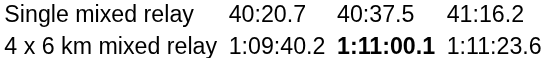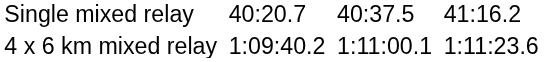 <table>
 <tr>
 <td>Single mixed relay</td>
 <td></td>
 <td>40:20.7</td>
 <td></td>
 <td>40:37.5</td>
 <td></td>
 <td>41:16.2</td>
 </tr>
 <tr>
 <td>4 x 6 km mixed relay</td>
 <td></td>
 <td>1:09:40.2</td>
 <td></td>
-<td><strong>1:11:00.1</strong></td>
+<td>1:11:00.1</td>
 <td></td>
 <td>1:11:23.6</td>
 </tr>
 </table>
